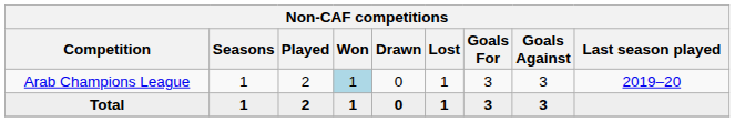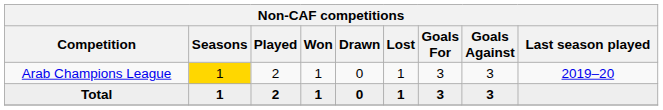 <table class="wikitable" style="font-size:95%; text-align: center;">
 <tr>
 <th colspan="9">Non-CAF competitions</th>
 </tr>
 <tr>
 <th width="200">Competition</th>
 <th width="30">Seasons</th>
 <th width="30">Played</th>
 <th width="30">Won</th>
 <th width="30">Drawn</th>
 <th width="30">Lost</th>
 <th width="30">Goals For</th>
 <th width="30">Goals Against</th>
 <th width="150">Last season played</th>
 </tr>
 <tr>
 <td><a href='#'>Arab Champions League</a></td>
+<td style="background: gold;">1</td>
+<td>2</td>
 <td>1</td>
-<td>2</td>
-<td style="background: lightblue;">1</td>
 <td>0</td>
 <td>1</td>
 <td>3</td>
 <td>3</td>
 <td><a href='#'>2019–20</a></td>
 </tr>
 <tr bgcolor=#EEEEEE>
 <td><strong>Total</strong></td>
 <td><strong>1</strong></td>
 <td><strong>2</strong></td>
 <td><strong>1</strong></td>
 <td><strong>0</strong></td>
 <td><strong>1</strong></td>
 <td><strong>3</strong></td>
 <td><strong>3</strong></td>
 <td></td>
 </tr>
 <tr>
 </tr>
 </table>
